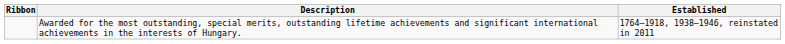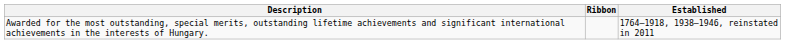 <table class="wikitable" style="font-size:85%;">
 <tr>
+<th><big>Description</big></th>
 <th><big>Ribbon</big></th>
-<th><big>Description</big></th>
 <th><big>Established</big></th>
 </tr>
 <tr>
+<td><big>Awarded for the most outstanding, special merits, outstanding lifetime achievements and significant international achievements in the interests of Hungary.</big></td>
 <td></td>
-<td><big>Awarded for the most outstanding, special merits, outstanding lifetime achievements and significant international achievements in the interests of Hungary.</big></td>
 <td><big>1764–1918, 1938–1946, reinstated in 2011</big></td>
 </tr>
 </table>
